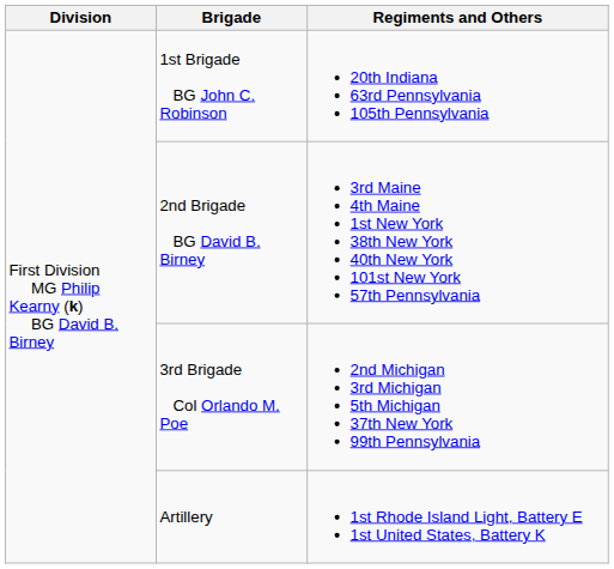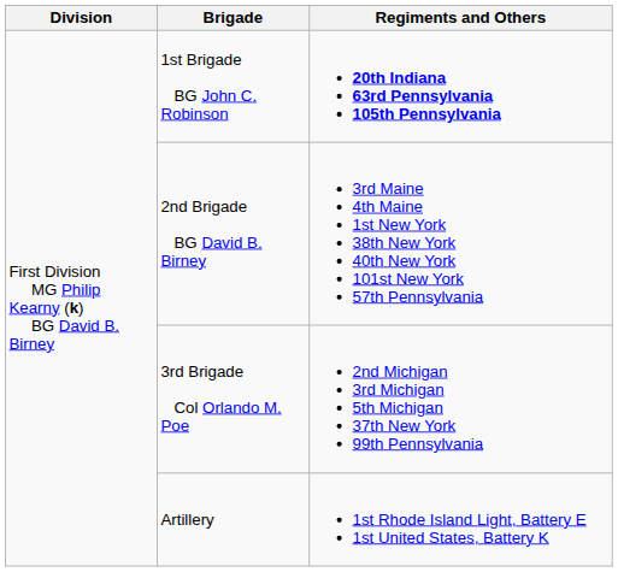 <table class="wikitable">
 <tr>
 <th width=25%>Division</th>
 <th width=25%>Brigade</th>
 <th>Regiments and Others</th>
 </tr>
 <tr>
 <td rowspan=4><br>First Division <br>     MG <a href='#'>Philip Kearny</a> (<strong>k</strong>) <br>     BG <a href='#'>David B. Birney</a></td>
 <td>1st Brigade<br><br>   BG <a href='#'>John C. Robinson</a></td>
-<td><br><ul><li><a href='#'>20th Indiana</a></li><li><a href='#'>63rd Pennsylvania</a></li><li><a href='#'>105th Pennsylvania</a></li></ul></td>
+<td><strong><br><ul><li><a href='#'>20th Indiana</a></li><li><a href='#'>63rd Pennsylvania</a></li><li><a href='#'>105th Pennsylvania</a></li></ul></strong></td>
 </tr>
 <tr>
 <td>2nd Brigade<br><br>   BG <a href='#'>David B. Birney</a></td>
 <td><br><ul><li><a href='#'>3rd Maine</a></li><li><a href='#'>4th Maine</a></li><li><a href='#'>1st New York</a></li><li><a href='#'>38th New York</a></li><li><a href='#'>40th New York</a></li><li><a href='#'>101st New York</a></li><li><a href='#'>57th Pennsylvania</a></li></ul></td>
 </tr>
 <tr>
 <td>3rd Brigade<br><br>   Col <a href='#'>Orlando M. Poe</a></td>
 <td><br><ul><li><a href='#'>2nd Michigan</a></li><li><a href='#'>3rd Michigan</a></li><li><a href='#'>5th Michigan</a></li><li><a href='#'>37th New York</a></li><li><a href='#'>99th Pennsylvania</a></li></ul></td>
 </tr>
 <tr>
 <td>Artillery</td>
 <td><br><ul><li><a href='#'>1st Rhode Island Light, Battery E</a></li><li><a href='#'>1st United States, Battery K</a></li></ul></td>
 </tr>
 </table>
